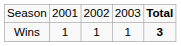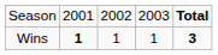 <table class="wikitable sortable">
 <tr>
 <td>Season</td>
 <td>2001</td>
 <td>2002</td>
 <td>2003</td>
 <td><strong>Total</strong></td>
 </tr>
 <tr align=center>
 <td>Wins</td>
-<td>1</td>
+<td><strong>1</strong></td>
 <td>1</td>
 <td>1</td>
 <td><strong>3</strong></td>
 </tr>
 </table>
